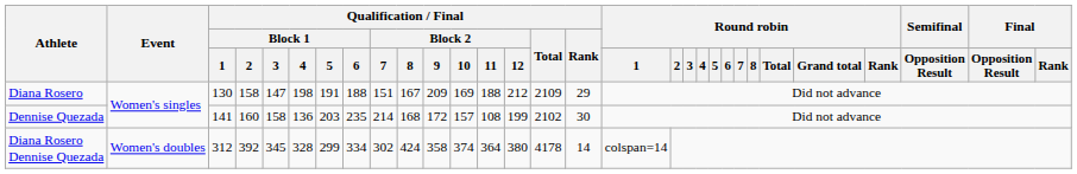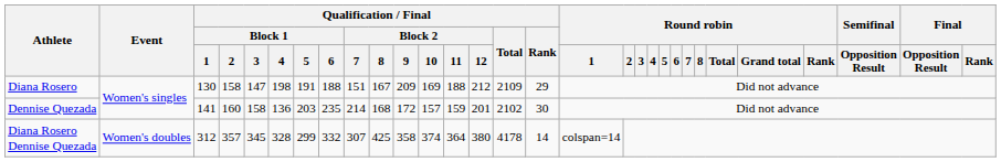 <table class=wikitable style=font-size:75%;text-align:center>
 <tr>
 <th rowspan=3>Athlete</th>
 <th rowspan=3>Event</th>
 <th colspan=14>Qualification / Final</th>
 <th colspan=11 rowspan=2>Round robin</th>
 <th rowspan=2>Semifinal</th>
 <th rowspan=2 colspan=2>Final</th>
 </tr>
 <tr style=font-size:95%>
 <th colspan=6>Block 1</th>
 <th colspan=6>Block 2</th>
 <th rowspan=2>Total</th>
 <th rowspan=2>Rank</th>
 </tr>
 <tr style=font-size:95%>
 <th>1</th>
 <th>2</th>
 <th>3</th>
 <th>4</th>
 <th>5</th>
 <th>6</th>
 <th>7</th>
 <th>8</th>
 <th>9</th>
 <th>10</th>
 <th>11</th>
 <th>12</th>
 <th>1</th>
 <th>2</th>
 <th>3</th>
 <th>4</th>
 <th>5</th>
 <th>6</th>
 <th>7</th>
 <th>8</th>
 <th>Total</th>
 <th>Grand total</th>
 <th>Rank</th>
 <th>Opposition<br>Result</th>
 <th>Opposition<br>Result</th>
 <th>Rank</th>
 </tr>
 <tr>
 <td align=left><a href='#'>Diana Rosero</a></td>
 <td align=left rowspan=2><a href='#'>Women's singles</a></td>
 <td>130</td>
 <td>158</td>
 <td>147</td>
 <td>198</td>
 <td>191</td>
 <td>188</td>
 <td>151</td>
 <td>167</td>
 <td>209</td>
 <td>169</td>
 <td>188</td>
 <td>212</td>
 <td>2109</td>
 <td>29</td>
 <td colspan=14>Did not advance</td>
 </tr>
 <tr>
 <td align=left><a href='#'>Dennise Quezada</a></td>
 <td>141</td>
 <td>160</td>
 <td>158</td>
 <td>136</td>
 <td>203</td>
 <td>235</td>
 <td>214</td>
 <td>168</td>
 <td>172</td>
 <td>157</td>
-<td>108</td>
-<td>199</td>
+<td>159</td>
+<td>201</td>
 <td>2102</td>
 <td>30</td>
 <td colspan=14>Did not advance</td>
 </tr>
 <tr>
 <td align=left><a href='#'>Diana Rosero</a><br><a href='#'>Dennise Quezada</a></td>
 <td align=left><a href='#'>Women's doubles</a></td>
 <td>312</td>
-<td>392</td>
+<td>357</td>
 <td>345</td>
 <td>328</td>
 <td>299</td>
-<td>334</td>
-<td>302</td>
-<td>424</td>
+<td>332</td>
+<td>307</td>
+<td>425</td>
 <td>358</td>
 <td>374</td>
 <td>364</td>
 <td>380</td>
 <td>4178</td>
 <td>14</td>
 <td>colspan=14 </td>
 </tr>
 </table>
